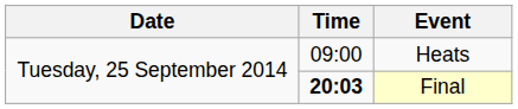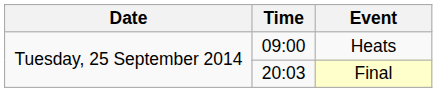 <table class = "wikitable" style="text-align:center;">
 <tr>
 <th width=220>Date</th>
 <th width=50>Time</th>
 <th width=100>Event</th>
 </tr>
 <tr>
 <td rowspan=2>Tuesday, 25 September 2014</td>
 <td>09:00</td>
 <td>Heats</td>
 </tr>
 <tr>
-<td><strong>20:03</strong></td>
+<td>20:03</td>
 <td bgcolor=ffffcc>Final</td>
 </tr>
 </table>
